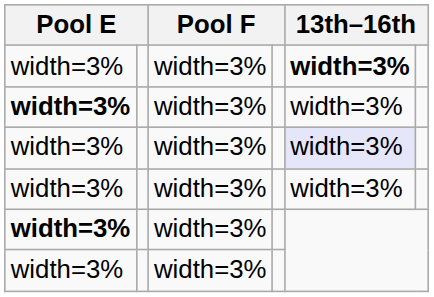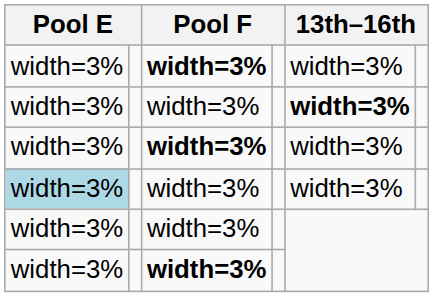 <table class="wikitable">
 <tr>
 <th colspan=2 !width=25%>Pool E</th>
 <th colspan=2 !width=25%>Pool F</th>
 <th colspan=2 !width=25%>13th–16th</th>
+</tr>
+<tr>
+<td>width=3% </td>
+<td></td>
+<td><strong>width=3% </strong></td>
+<td></td>
+<td>width=3% </td>
+<td></td>
 </tr>
 <tr>
 <td>width=3% </td>
 <td></td>
 <td>width=3% </td>
 <td></td>
 <td><strong>width=3% </strong></td>
 <td></td>
 </tr>
 <tr>
+<td>width=3% </td>
+<td></td>
 <td><strong>width=3% </strong></td>
+<td></td>
+<td>width=3% </td>
+<td></td>
+</tr>
+<tr>
+<td style="background: lightblue;">width=3% </td>
 <td></td>
 <td>width=3% </td>
 <td></td>
 <td>width=3% </td>
 <td></td>
 </tr>
 <tr>
 <td>width=3% </td>
 <td></td>
 <td>width=3% </td>
 <td></td>
-<td style="background: lavender;">width=3% </td>
-<td></td>
 </tr>
 <tr>
 <td>width=3% </td>
 <td></td>
-<td>width=3% </td>
-<td></td>
-<td>width=3% </td>
-<td></td>
-</tr>
-<tr>
 <td><strong>width=3% </strong></td>
-<td></td>
-<td>width=3% </td>
-<td></td>
-</tr>
-<tr>
-<td>width=3% </td>
-<td></td>
-<td>width=3% </td>
 <td></td>
 </tr>
 </table>
